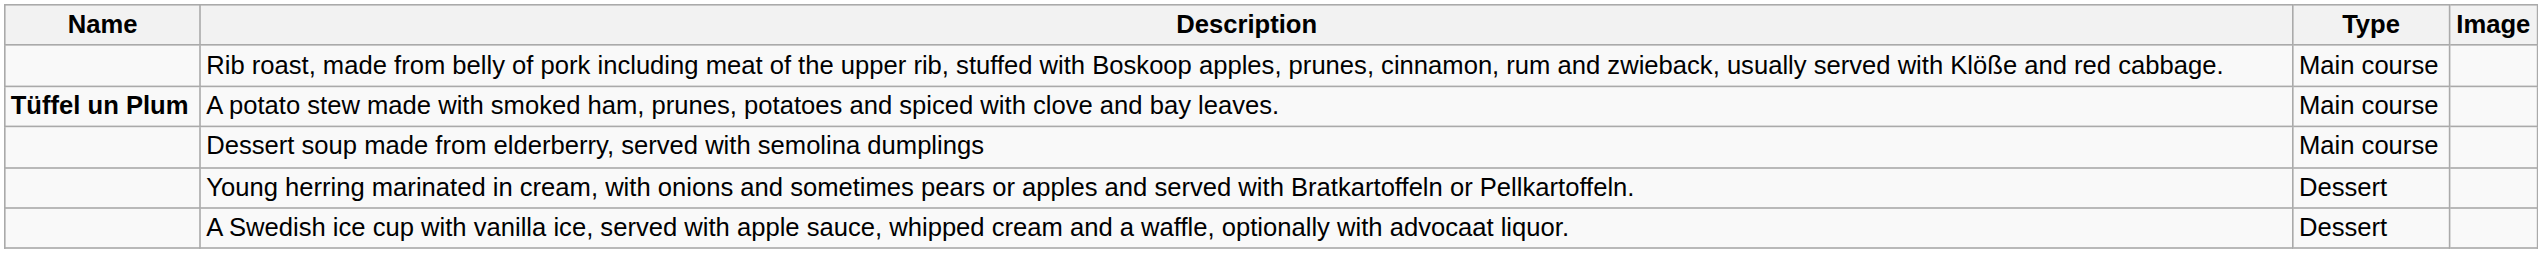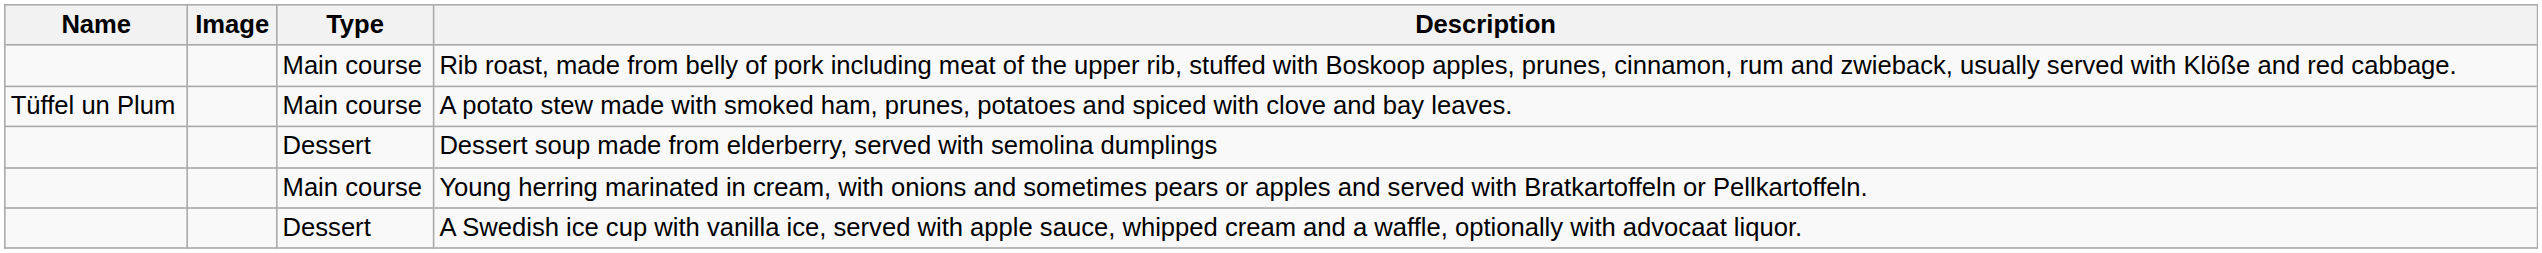 <table class="wikitable sortable" style="width:100%;">
 <tr>
 <th>Name</th>
+<th>Image</th>
+<th>Type</th>
 <th>Description</th>
-<th>Type</th>
-<th>Image</th>
 </tr>
 <tr>
 <td></td>
+<td></td>
+<td>Main course</td>
 <td>Rib roast, made from belly of pork including meat of the upper rib, stuffed with Boskoop apples, prunes, cinnamon, rum and zwieback, usually served with Klöße and red cabbage.</td>
-<td>Main course</td>
-<td></td>
 </tr>
 <tr>
-<td><strong>Tüffel un Plum</strong></td>
+<td>Tüffel un Plum</td>
+<td></td>
+<td>Main course</td>
 <td>A potato stew made with smoked ham, prunes, potatoes and spiced with clove and bay leaves.</td>
-<td>Main course</td>
-<td></td>
 </tr>
 <tr>
 <td></td>
+<td></td>
+<td>Dessert</td>
 <td>Dessert soup made from elderberry, served with semolina dumplings</td>
-<td>Main course</td>
-<td></td>
 </tr>
 <tr>
 <td></td>
+<td></td>
+<td>Main course</td>
 <td>Young herring marinated in cream, with onions and sometimes pears or apples and served with Bratkartoffeln or Pellkartoffeln.</td>
-<td>Dessert</td>
-<td></td>
 </tr>
 <tr>
 <td></td>
+<td></td>
+<td>Dessert</td>
 <td>A Swedish ice cup with vanilla ice, served with apple sauce, whipped cream and a waffle, optionally with advocaat liquor.</td>
-<td>Dessert</td>
-<td></td>
 </tr>
 </table>
